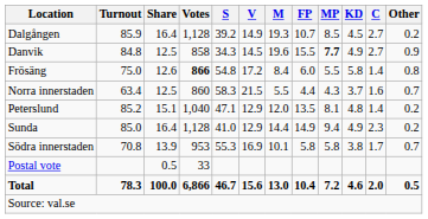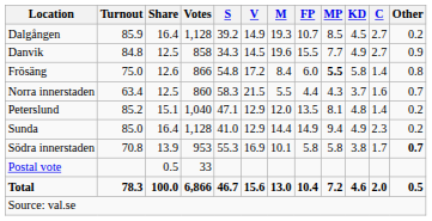 <table class="wikitable sortable" style=text-align:right>
 <tr>
 <th>Location</th>
 <th>Turnout</th>
 <th>Share</th>
 <th>Votes</th>
 <th><a href='#'>S</a></th>
 <th><a href='#'>V</a></th>
 <th><a href='#'>M</a></th>
 <th><a href='#'>FP</a></th>
 <th><a href='#'>MP</a></th>
 <th><a href='#'>KD</a></th>
 <th><a href='#'>C</a></th>
 <th>Other</th>
 </tr>
 <tr>
 <td align=left>Dalgången</td>
 <td>85.9</td>
 <td>16.4</td>
 <td>1,128</td>
 <td>39.2</td>
 <td>14.9</td>
 <td>19.3</td>
 <td>10.7</td>
 <td>8.5</td>
 <td>4.5</td>
 <td>2.7</td>
 <td>0.2</td>
 </tr>
 <tr>
 <td align=left>Danvik</td>
 <td>84.8</td>
 <td>12.5</td>
 <td>858</td>
 <td>34.3</td>
 <td>14.5</td>
 <td>19.6</td>
 <td>15.5</td>
-<td><strong>7.7</strong></td>
+<td>7.7</td>
 <td>4.9</td>
 <td>2.7</td>
 <td>0.9</td>
 </tr>
 <tr>
 <td align=left>Frösäng</td>
 <td>75.0</td>
 <td>12.6</td>
-<td><strong>866</strong></td>
+<td>866</td>
 <td>54.8</td>
 <td>17.2</td>
 <td>8.4</td>
 <td>6.0</td>
-<td>5.5</td>
+<td><strong>5.5</strong></td>
 <td>5.8</td>
 <td>1.4</td>
 <td>0.8</td>
 </tr>
 <tr>
 <td align=left>Norra innerstaden</td>
 <td>63.4</td>
 <td>12.5</td>
 <td>860</td>
 <td>58.3</td>
 <td>21.5</td>
 <td>5.5</td>
 <td>4.4</td>
 <td>4.3</td>
 <td>3.7</td>
 <td>1.6</td>
 <td>0.7</td>
 </tr>
 <tr>
 <td align=left>Peterslund</td>
 <td>85.2</td>
 <td>15.1</td>
 <td>1,040</td>
 <td>47.1</td>
 <td>12.9</td>
 <td>12.0</td>
 <td>13.5</td>
 <td>8.1</td>
 <td>4.8</td>
 <td>1.4</td>
 <td>0.2</td>
 </tr>
 <tr>
 <td align=left>Sunda</td>
 <td>85.0</td>
 <td>16.4</td>
 <td>1,128</td>
 <td>41.0</td>
 <td>12.9</td>
 <td>14.4</td>
 <td>14.9</td>
 <td>9.4</td>
 <td>4.9</td>
 <td>2.3</td>
 <td>0.2</td>
 </tr>
 <tr>
 <td align=left>Södra innerstaden</td>
 <td>70.8</td>
 <td>13.9</td>
 <td>953</td>
 <td>55.3</td>
 <td>16.9</td>
 <td>10.1</td>
 <td>5.8</td>
 <td>5.8</td>
 <td>3.8</td>
 <td>1.7</td>
-<td>0.7</td>
+<td><strong>0.7</strong></td>
 </tr>
 <tr>
 <td align=left><a href='#'>Postal vote</a></td>
 <td></td>
 <td>0.5</td>
 <td>33</td>
 <td></td>
 <td></td>
 <td></td>
 <td></td>
 <td></td>
 <td></td>
 <td></td>
 <td></td>
 </tr>
 <tr>
 <td align=left><strong>Total</strong></td>
 <td><strong>78.3</strong></td>
 <td><strong>100.0</strong></td>
 <td><strong>6,866</strong></td>
 <td><strong>46.7</strong></td>
 <td><strong>15.6</strong></td>
 <td><strong>13.0</strong></td>
 <td><strong>10.4</strong></td>
 <td><strong>7.2</strong></td>
 <td><strong>4.6</strong></td>
 <td><strong>2.0</strong></td>
 <td><strong>0.5</strong></td>
 </tr>
 <tr>
 <td align=left colspan=12>Source: val.se </td>
 </tr>
 </table>
